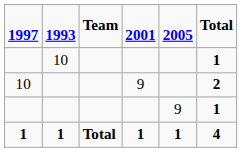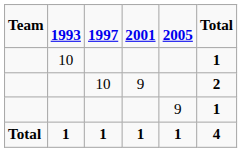 <table class="wikitable" style="text-align:center; font-size:90%">
 <tr bgcolor=>
+<td><strong>Team</strong></td>
+<td><strong><br><a href='#'>1993</a></strong></td>
 <td><strong><br><a href='#'>1997</a></strong></td>
-<td><strong><br><a href='#'>1993</a></strong></td>
-<td><strong>Team</strong></td>
 <td><strong><br><a href='#'>2001</a></strong></td>
 <td><strong><br><a href='#'>2005</a></strong></td>
 <td><strong>Total</strong></td>
 </tr>
 <tr>
+<td align=left></td>
+<td>10</td>
 <td></td>
-<td>10</td>
-<td align=left></td>
 <td></td>
 <td></td>
 <td><strong>1</strong></td>
 </tr>
 <tr>
+<td align=left></td>
+<td></td>
 <td>10</td>
-<td></td>
-<td align=left></td>
 <td>9</td>
 <td></td>
 <td><strong>2</strong></td>
 </tr>
 <tr>
+<td align=left></td>
 <td></td>
 <td></td>
-<td align=left></td>
 <td></td>
 <td>9</td>
 <td><strong>1</strong></td>
 </tr>
 <tr>
+<td align=left><strong>Total</strong></td>
 <td><strong>1</strong></td>
 <td><strong>1</strong></td>
-<td align=left><strong>Total</strong></td>
 <td><strong>1</strong></td>
 <td><strong>1</strong></td>
 <td><strong>4</strong></td>
 </tr>
 </table>
